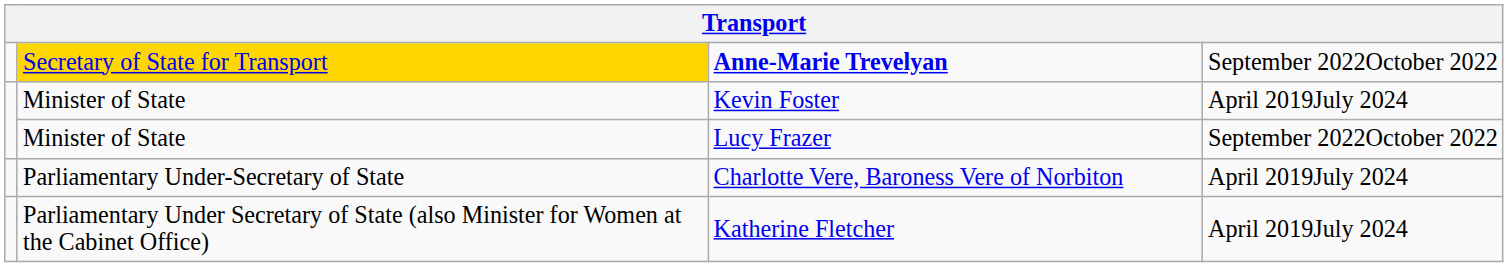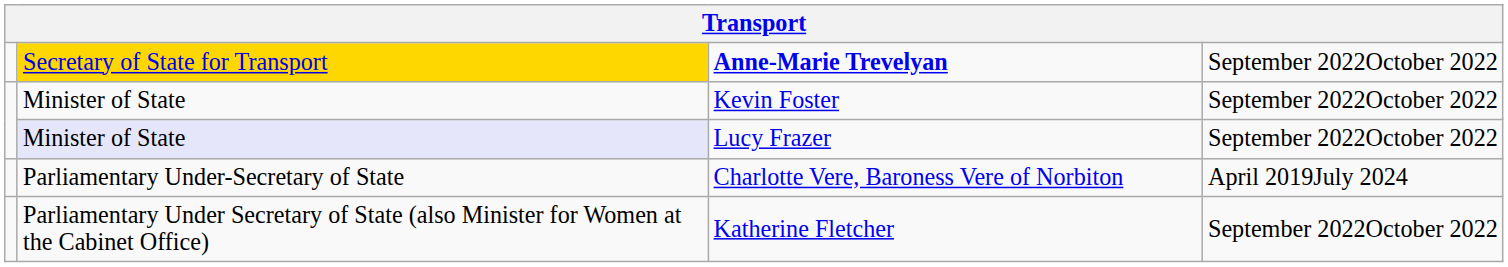 <table class="wikitable">
 <tr>
 <th colspan="5"><a href='#'>Transport</a></th>
 </tr>
 <tr>
 <td style="width: 1px; background: "></td>
 <td style="background: gold; width: 450px;"><a href='#'>Secretary of State for Transport</a></td>
 <td style="width: 320px;"><strong><a href='#'>Anne-Marie Trevelyan</a></strong></td>
 <td>September 2022October 2022</td>
 </tr>
 <tr>
 <td rowspan=2 style="width: 1px; background: "></td>
 <td>Minister of State</td>
 <td style="width: 320px;"><a href='#'>Kevin Foster</a></td>
-<td>April 2019July 2024</td>
+<td>September 2022October 2022</td>
 </tr>
 <tr>
-<td>Minister of State</td>
+<td style="background: lavender;">Minister of State</td>
 <td style="width: 320px;"><a href='#'>Lucy Frazer</a></td>
 <td>September 2022October 2022</td>
 </tr>
 <tr>
 <td style="width: 1px; background: "></td>
 <td>Parliamentary Under-Secretary of State</td>
 <td><a href='#'>Charlotte Vere, Baroness Vere of Norbiton</a></td>
 <td>April 2019July 2024</td>
 </tr>
 <tr>
 <td rowspan="1" style="width: 1px; background: "></td>
 <td>Parliamentary Under Secretary of State (also Minister for Women at the Cabinet Office)</td>
 <td><a href='#'>Katherine Fletcher</a></td>
-<td>April 2019July 2024</td>
+<td>September 2022October 2022</td>
 </tr>
 </table>
